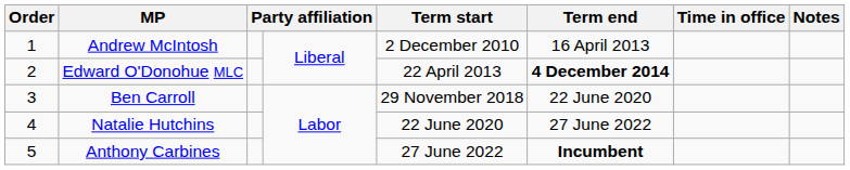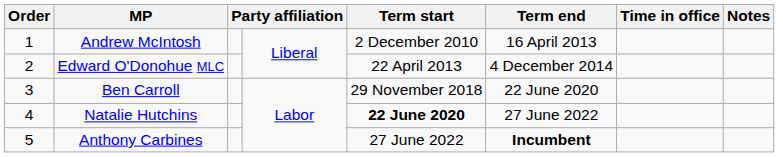 <table class="wikitable" style="text-align:center">
 <tr>
 <th>Order</th>
 <th>MP</th>
 <th colspan="2">Party affiliation</th>
 <th>Term start</th>
 <th>Term end</th>
 <th>Time in office</th>
 <th>Notes</th>
 </tr>
 <tr>
 <td>1</td>
 <td><a href='#'>Andrew McIntosh</a> </td>
 <td></td>
 <td rowspan="2"><a href='#'>Liberal</a></td>
 <td>2 December 2010</td>
 <td>16 April 2013</td>
 <td></td>
 <td></td>
 </tr>
 <tr>
 <td>2</td>
 <td><a href='#'>Edward O'Donohue</a> <a href='#'><small>MLC</small></a></td>
 <td></td>
 <td>22 April 2013</td>
-<td><strong>4 December 2014</strong></td>
+<td>4 December 2014</td>
 <td></td>
 <td></td>
 </tr>
 <tr>
 <td>3</td>
 <td><a href='#'>Ben Carroll</a> </td>
 <td></td>
 <td rowspan="3"><a href='#'>Labor</a></td>
 <td>29 November 2018</td>
 <td>22 June 2020</td>
 <td></td>
 <td></td>
 </tr>
 <tr>
 <td>4</td>
 <td><a href='#'>Natalie Hutchins</a> </td>
 <td></td>
-<td>22 June 2020</td>
+<td><strong>22 June 2020</strong></td>
 <td>27 June 2022</td>
 <td></td>
 <td></td>
 </tr>
 <tr>
 <td>5</td>
 <td><a href='#'>Anthony Carbines</a> </td>
 <td></td>
 <td>27 June 2022</td>
 <td><strong>Incumbent</strong></td>
 <td></td>
 <td></td>
 </tr>
 </table>
